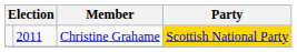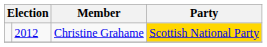 <table class="wikitable">
 <tr>
 <th colspan="2">Election</th>
 <th>Member</th>
 <th>Party</th>
 </tr>
 <tr>
 <td style="background-color: "></td>
-<td><a href='#'>2011</a></td>
+<td><a href='#'>2012</a></td>
 <td><a href='#'>Christine Grahame</a></td>
 <td style="background: gold;"><a href='#'>Scottish National Party</a></td>
 </tr>
 <tr>
 </tr>
 </table>
